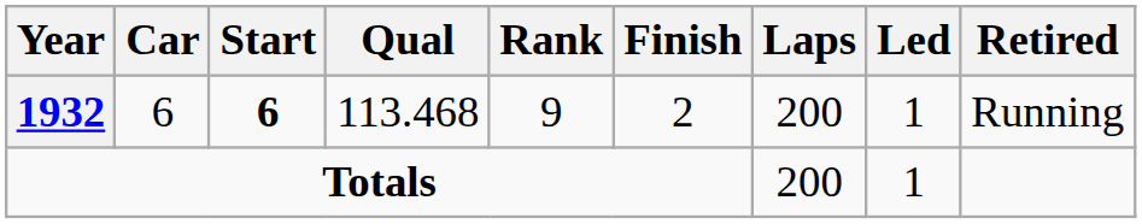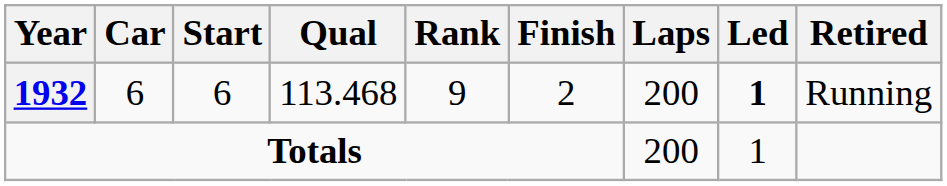 <table class="wikitable" style="text-align:center">
 <tr>
 <th>Year</th>
 <th>Car</th>
 <th>Start</th>
 <th>Qual</th>
 <th>Rank</th>
 <th>Finish</th>
 <th>Laps</th>
 <th>Led</th>
 <th>Retired</th>
 </tr>
 <tr>
 <th><a href='#'>1932</a></th>
 <td>6</td>
-<td><strong>6</strong></td>
+<td>6</td>
 <td>113.468</td>
 <td>9</td>
 <td>2</td>
 <td>200</td>
-<td>1</td>
+<td><strong>1</strong></td>
 <td>Running</td>
 </tr>
 <tr>
 <td colspan=6><strong>Totals</strong></td>
 <td>200</td>
 <td>1</td>
 <td></td>
 </tr>
 </table>
